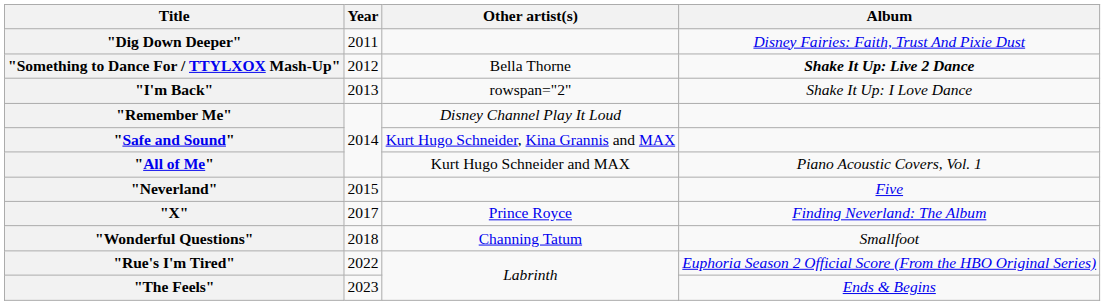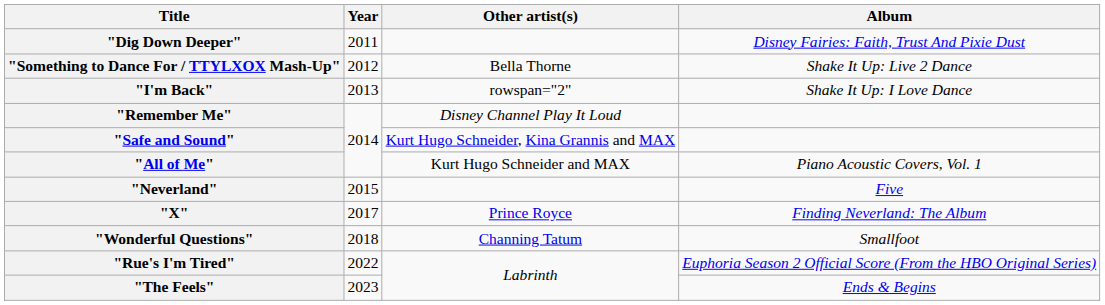 <table class="wikitable plainrowheaders" style="text-align:center;" border="1">
 <tr>
 <th scope="col">Title</th>
 <th scope="col">Year</th>
 <th scope="col">Other artist(s)</th>
 <th scope="col">Album</th>
 </tr>
 <tr>
 <th scope="row">"Dig Down Deeper"</th>
 <td>2011</td>
 <td></td>
 <td><em><a href='#'>Disney Fairies: Faith, Trust And Pixie Dust</a></em></td>
 </tr>
 <tr>
 <th scope="row">"Something to Dance For / <a href='#'>TTYLXOX</a> Mash-Up"</th>
 <td>2012</td>
 <td>Bella Thorne</td>
-<td><strong><em>Shake It Up: Live 2 Dance</em></strong></td>
+<td><em>Shake It Up: Live 2 Dance</em></td>
 </tr>
 <tr>
 <th scope="row">"I'm Back"</th>
 <td>2013</td>
 <td>rowspan="2" </td>
 <td><em>Shake It Up: I Love Dance</em></td>
 </tr>
 <tr>
 <th scope="row">"Remember Me"</th>
 <td rowspan="3">2014</td>
 <td><em>Disney Channel Play It Loud</em></td>
 </tr>
 <tr>
 <th scope="row">"<a href='#'>Safe and Sound</a>"</th>
 <td><a href='#'>Kurt Hugo Schneider</a>, <a href='#'>Kina Grannis</a> and <a href='#'>MAX</a></td>
 <td></td>
 </tr>
 <tr>
 <th scope="row">"<a href='#'>All of Me</a>"</th>
 <td>Kurt Hugo Schneider and MAX</td>
 <td><em>Piano Acoustic Covers, Vol. 1</em></td>
 </tr>
 <tr>
 <th scope="row">"Neverland"</th>
 <td>2015</td>
 <td></td>
 <td><em><a href='#'>Five</a></em></td>
 </tr>
 <tr>
 <th scope="row">"X"</th>
 <td>2017</td>
 <td><a href='#'>Prince Royce</a></td>
 <td><em><a href='#'>Finding Neverland: The Album</a></em></td>
 </tr>
 <tr>
 <th scope="row">"Wonderful Questions"</th>
 <td>2018</td>
 <td><a href='#'>Channing Tatum</a></td>
 <td><em>Smallfoot</em></td>
 </tr>
 <tr>
 <th scope="row">"Rue's I'm Tired"</th>
 <td>2022</td>
 <td rowspan="2"><em>Labrinth</em></td>
 <td><em><a href='#'>Euphoria Season 2 Official Score (From the HBO Original Series)</a></em></td>
 </tr>
 <tr>
 <th scope="row">"The Feels"</th>
 <td>2023</td>
 <td><em><a href='#'>Ends & Begins</a></em></td>
 </tr>
 </table>
